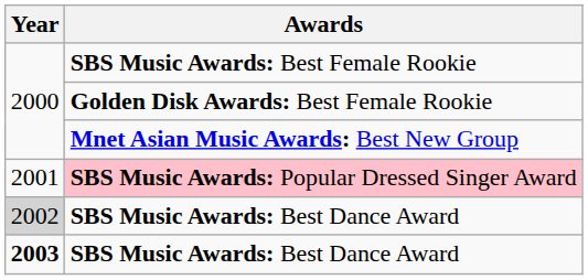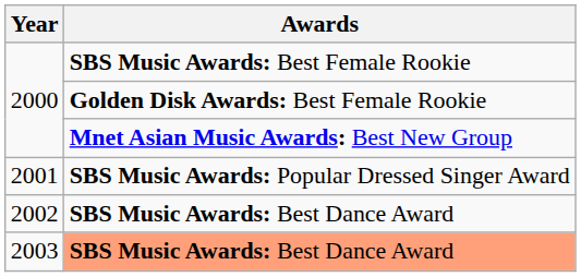 <table class="wikitable">
 <tr>
 <th>Year</th>
 <th>Awards</th>
 </tr>
 <tr>
 <td rowspan="3">2000</td>
 <td><strong>SBS Music Awards:</strong> Best Female Rookie</td>
 </tr>
 <tr>
 <td><strong>Golden Disk Awards:</strong> Best Female Rookie</td>
 </tr>
 <tr>
 <td><strong><a href='#'>Mnet Asian Music Awards</a>:</strong> <a href='#'>Best New Group</a></td>
 </tr>
 <tr>
 <td rowspan="1">2001</td>
-<td style="background: pink;"><strong>SBS Music Awards:</strong> Popular Dressed Singer Award</td>
+<td><strong>SBS Music Awards:</strong> Popular Dressed Singer Award</td>
 </tr>
 <tr>
-<td rowspan="1" style="background: lightgrey;">2002</td>
+<td rowspan="1">2002</td>
 <td><strong>SBS Music Awards:</strong> Best Dance Award</td>
 </tr>
 <tr>
-<td rowspan="1"><strong>2003</strong></td>
-<td><strong>SBS Music Awards:</strong> Best Dance Award</td>
+<td rowspan="1">2003</td>
+<td style="background: lightsalmon;"><strong>SBS Music Awards:</strong> Best Dance Award</td>
 </tr>
 </table>
